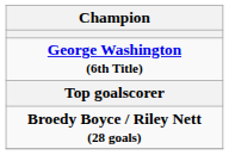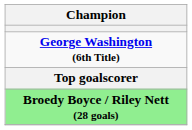 <table class="wikitable" style="margin: 0 auto; width: 220px;">
 <tr>
 <th>Champion</th>
 </tr>
 <tr>
 <th></th>
 </tr>
 <tr>
 <td align="center"><strong><a href='#'>George Washington</a></strong><br><small><strong>(6th Title)</strong></small></td>
 </tr>
 <tr>
 <th>Top goalscorer</th>
 </tr>
 <tr>
-<td align="center"><strong>Broedy Boyce / Riley Nett </strong><br><small><strong>(28 goals)</strong></small></td>
+<td align="center" style="background: lightgreen;"><strong>Broedy Boyce / Riley Nett </strong><br><small><strong>(28 goals)</strong></small></td>
 </tr>
 <tr>
 </tr>
 </table>
